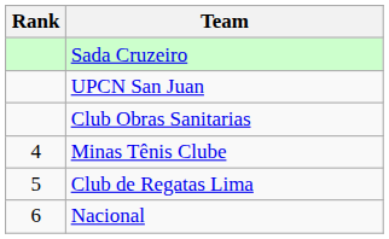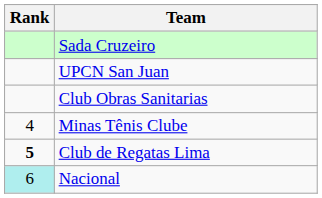 <table class="wikitable" style="text-align: center;">
 <tr>
 <th width=40>Rank</th>
 <th width=240>Team</th>
 </tr>
 <tr bgcolor=#ccffcc>
 <td></td>
 <td align=left> <a href='#'>Sada Cruzeiro</a></td>
 </tr>
 <tr>
 <td></td>
 <td align=left> <a href='#'>UPCN San Juan</a></td>
 </tr>
 <tr>
 <td></td>
 <td align=left> <a href='#'>Club Obras Sanitarias</a></td>
 </tr>
 <tr>
 <td>4</td>
 <td align=left> <a href='#'>Minas Tênis Clube</a></td>
 </tr>
 <tr>
-<td>5</td>
+<td><strong>5</strong></td>
 <td align=left> <a href='#'>Club de Regatas Lima</a></td>
 </tr>
 <tr>
-<td>6</td>
+<td style="background: paleturquoise;">6</td>
 <td align=left> <a href='#'>Nacional</a></td>
 </tr>
 </table>
